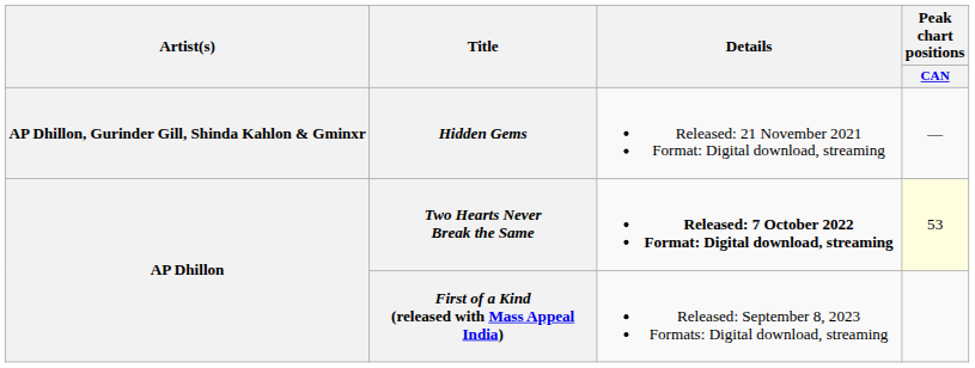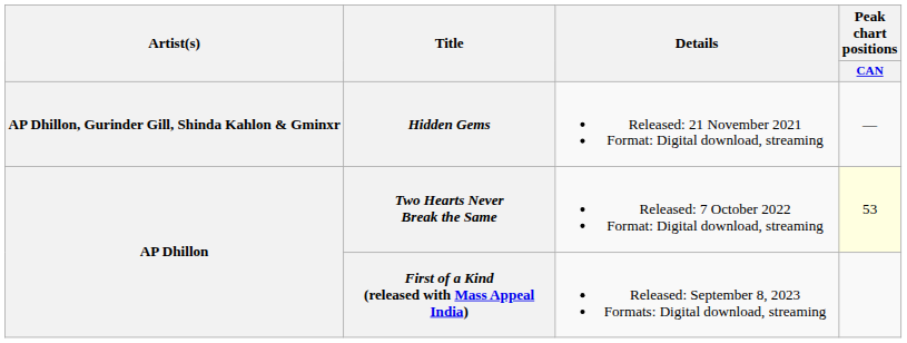 <table class="wikitable plainrowheaders" style="text-align:center;">
 <tr>
 <th rowspan="2">Artist(s)</th>
 <th rowspan="2" scope="col" style="width:14em;">Title</th>
 <th scope="col" style="width:19em;" rowspan="2">Details</th>
 <th scope="col">Peak chart positions</th>
 </tr>
 <tr>
 <th style="width:2.5em; font-size:85%"><a href='#'>CAN</a><br></th>
 </tr>
 <tr>
 <th scope="row">AP Dhillon, Gurinder Gill, Shinda Kahlon & Gminxr</th>
 <th scope="row"><em>Hidden Gems</em></th>
 <td><br><ul><li>Released: 21 November 2021</li><li>Format: Digital download, streaming</li></ul></td>
 <td>—</td>
 </tr>
 <tr>
 <th rowspan="2" scope="row">AP Dhillon</th>
 <th scope="row"><em>Two Hearts Never<br>Break the Same</em></th>
-<td><strong><br><ul><li>Released: 7 October 2022</li><li>Format: Digital download, streaming</li></ul></strong></td>
+<td><br><ul><li>Released: 7 October 2022</li><li>Format: Digital download, streaming</li></ul></td>
 <td style="background: lightyellow;">53</td>
 </tr>
 <tr>
 <th scope="row"><em>First of a Kind</em> <br><span>(released with <a href='#'>Mass Appeal India</a>)</span></th>
 <td><br><ul><li>Released: September 8, 2023</li><li>Formats: Digital download, streaming</li></ul></td>
 <td></td>
 </tr>
 </table>
